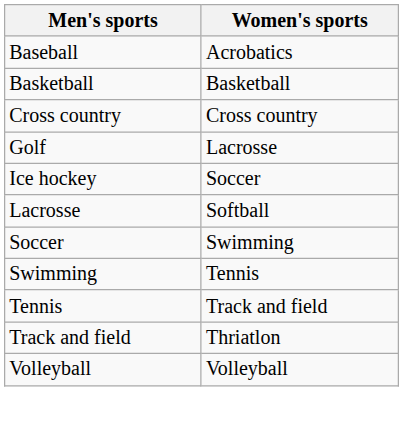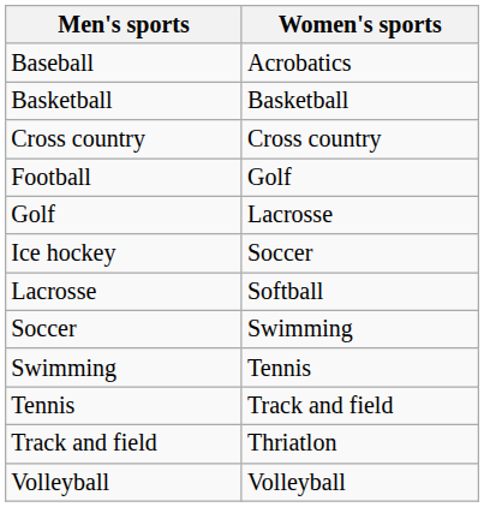 <table class="wikitable"; style= "text-align: ">
 <tr>
 <th width=150px>Men's sports</th>
 <th width=150px>Women's sports</th>
 </tr>
 <tr>
 <td>Baseball</td>
 <td>Acrobatics</td>
 </tr>
 <tr>
 <td>Basketball</td>
 <td>Basketball</td>
 </tr>
 <tr>
 <td>Cross country</td>
 <td>Cross country</td>
+</tr>
+<tr>
+<td>Football</td>
+<td>Golf</td>
 </tr>
 <tr>
 <td>Golf</td>
 <td>Lacrosse</td>
 </tr>
 <tr>
 <td>Ice hockey</td>
 <td>Soccer</td>
 </tr>
 <tr>
 <td>Lacrosse</td>
 <td>Softball</td>
 </tr>
 <tr>
 <td>Soccer</td>
 <td>Swimming</td>
 </tr>
 <tr>
 <td>Swimming</td>
 <td>Tennis</td>
 </tr>
 <tr>
 <td>Tennis</td>
 <td>Track and field</td>
 </tr>
 <tr>
 <td>Track and field</td>
 <td>Thriatlon</td>
 </tr>
 <tr>
 <td>Volleyball</td>
 <td>Volleyball</td>
 </tr>
 </table>
